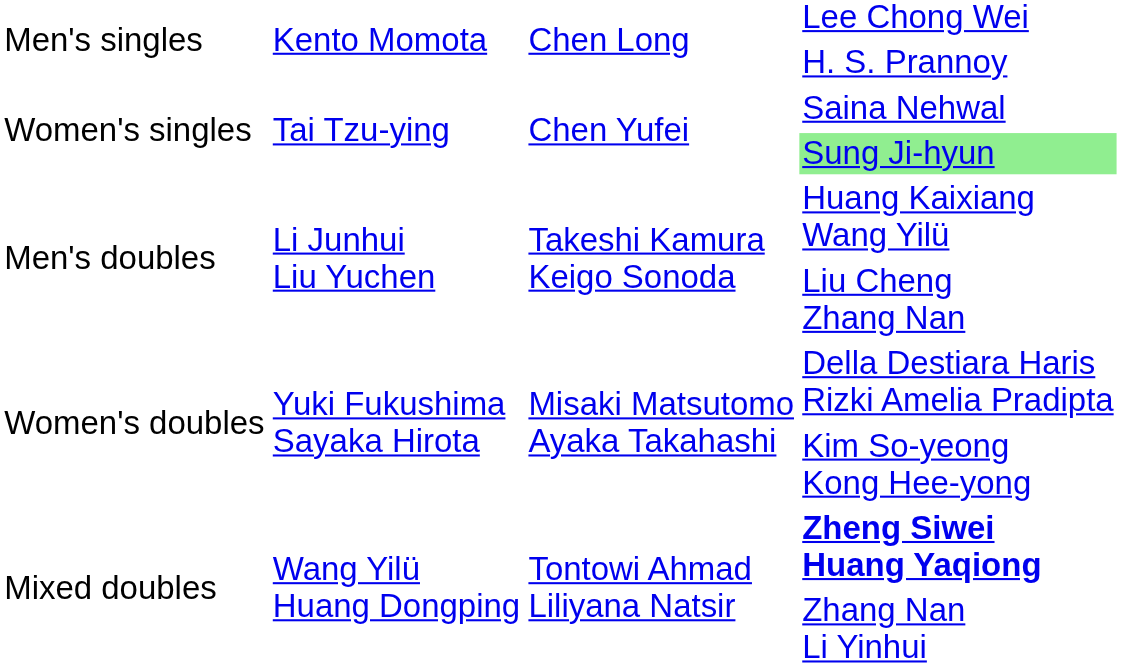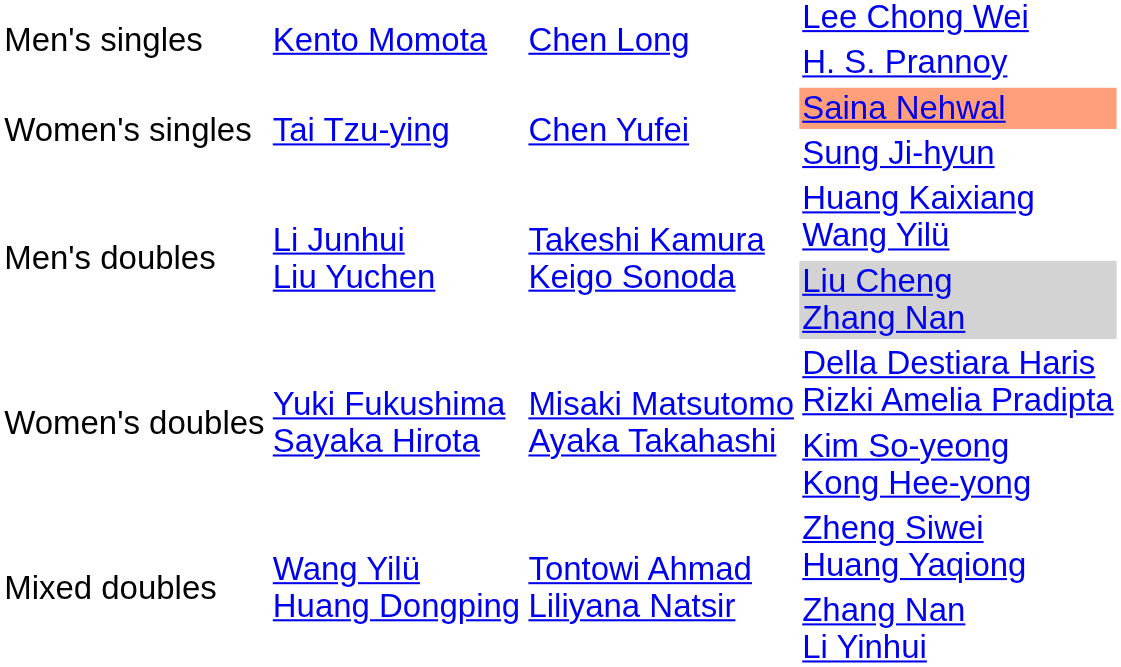 <table>
 <tr>
 <td rowspan=2>Men's singles</td>
 <td rowspan=2> <a href='#'>Kento Momota</a></td>
 <td rowspan=2> <a href='#'>Chen Long</a></td>
 <td> <a href='#'>Lee Chong Wei</a></td>
 </tr>
 <tr>
 <td> <a href='#'>H. S. Prannoy</a></td>
 </tr>
 <tr>
 <td rowspan=2>Women's singles</td>
 <td rowspan=2> <a href='#'>Tai Tzu-ying</a></td>
 <td rowspan=2> <a href='#'>Chen Yufei</a></td>
-<td> <a href='#'>Saina Nehwal</a></td>
+<td style="background: lightsalmon;"> <a href='#'>Saina Nehwal</a></td>
 </tr>
 <tr>
-<td style="background: lightgreen;"> <a href='#'>Sung Ji-hyun</a></td>
+<td> <a href='#'>Sung Ji-hyun</a></td>
 </tr>
 <tr>
 <td rowspan=2>Men's doubles</td>
 <td rowspan=2> <a href='#'>Li Junhui</a><br> <a href='#'>Liu Yuchen</a></td>
 <td rowspan=2> <a href='#'>Takeshi Kamura</a><br> <a href='#'>Keigo Sonoda</a></td>
 <td> <a href='#'>Huang Kaixiang</a><br> <a href='#'>Wang Yilü</a></td>
 </tr>
 <tr>
-<td> <a href='#'>Liu Cheng</a><br> <a href='#'>Zhang Nan</a></td>
+<td style="background: lightgrey;"> <a href='#'>Liu Cheng</a><br> <a href='#'>Zhang Nan</a></td>
 </tr>
 <tr>
 <td rowspan=2>Women's doubles</td>
 <td rowspan=2> <a href='#'>Yuki Fukushima</a><br> <a href='#'>Sayaka Hirota</a></td>
 <td rowspan=2> <a href='#'>Misaki Matsutomo</a><br> <a href='#'>Ayaka Takahashi</a></td>
 <td> <a href='#'>Della Destiara Haris</a><br> <a href='#'>Rizki Amelia Pradipta</a></td>
 </tr>
 <tr>
 <td> <a href='#'>Kim So-yeong</a><br> <a href='#'>Kong Hee-yong</a></td>
 </tr>
 <tr>
 <td rowspan=2>Mixed doubles</td>
 <td rowspan=2> <a href='#'>Wang Yilü</a><br> <a href='#'>Huang Dongping</a></td>
 <td rowspan=2> <a href='#'>Tontowi Ahmad</a> <br> <a href='#'>Liliyana Natsir</a></td>
-<td><strong> <a href='#'>Zheng Siwei</a><br> <a href='#'>Huang Yaqiong</a></strong></td>
+<td> <a href='#'>Zheng Siwei</a><br> <a href='#'>Huang Yaqiong</a></td>
 </tr>
 <tr>
 <td> <a href='#'>Zhang Nan</a><br> <a href='#'>Li Yinhui</a></td>
 </tr>
 <tr>
 </tr>
 </table>
